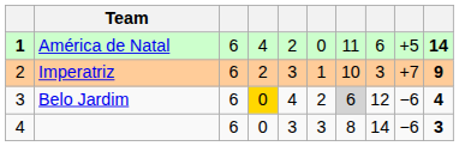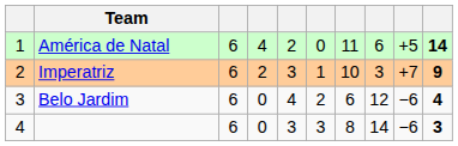 <table class="wikitable" style="text-align: center;">
 <tr>
 <th width=20></th>
 <th width=165>Team</th>
 <th width=20></th>
 <th width=20></th>
 <th width=20></th>
 <th width=20></th>
 <th width=20></th>
 <th width=20></th>
 <th width=20></th>
 <th width=20></th>
 </tr>
 <tr bgcolor=#ccffcc>
-<td><strong>1</strong></td>
+<td>1</td>
 <td align=left> <a href='#'>América de Natal</a></td>
 <td>6</td>
 <td>4</td>
 <td>2</td>
 <td>0</td>
 <td>11</td>
 <td>6</td>
 <td>+5</td>
 <td><strong>14</strong></td>
 </tr>
 <tr bgcolor=#ffcc99>
 <td>2</td>
 <td align=left> <a href='#'>Imperatriz</a></td>
 <td>6</td>
 <td>2</td>
 <td>3</td>
 <td>1</td>
 <td>10</td>
 <td>3</td>
 <td>+7</td>
 <td><strong>9</strong></td>
 </tr>
 <tr>
 <td>3</td>
 <td align=left> <a href='#'>Belo Jardim</a></td>
 <td>6</td>
-<td style="background: gold;">0</td>
+<td>0</td>
 <td>4</td>
 <td>2</td>
-<td style="background: lightgrey;">6</td>
+<td>6</td>
 <td>12</td>
 <td>−6</td>
 <td><strong>4</strong></td>
 </tr>
 <tr>
 <td>4</td>
 <td align=left></td>
 <td>6</td>
 <td>0</td>
 <td>3</td>
 <td>3</td>
 <td>8</td>
 <td>14</td>
 <td>−6</td>
 <td><strong>3</strong></td>
 </tr>
 </table>
